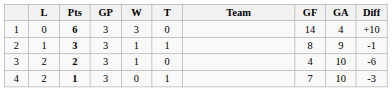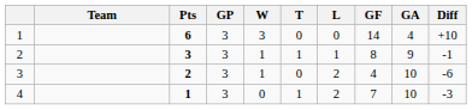 <table class="wikitable" style="text-align:center;">
 <tr>
 <th width=30></th>
-<th width=40>L</th>
+<th width=165>Team</th>
 <th width=40>Pts</th>
 <th width=40>GP</th>
 <th width=40>W</th>
 <th width=40>T</th>
-<th width=165>Team</th>
+<th width=40>L</th>
 <th width=40>GF</th>
 <th width=40>GA</th>
 <th width=40>Diff</th>
 </tr>
 <tr>
 <td>1</td>
-<td>0</td>
+<td style="text-align:left;"></td>
 <td><strong>6</strong></td>
 <td>3</td>
 <td>3</td>
 <td>0</td>
-<td style="text-align:left;"></td>
+<td>0</td>
 <td>14</td>
 <td>4</td>
 <td>+10</td>
 </tr>
 <tr>
 <td>2</td>
-<td>1</td>
+<td style="text-align:left;"></td>
 <td><strong>3</strong></td>
 <td>3</td>
 <td>1</td>
 <td>1</td>
-<td style="text-align:left;"></td>
+<td>1</td>
 <td>8</td>
 <td>9</td>
 <td>-1</td>
 </tr>
 <tr>
 <td>3</td>
-<td>2</td>
+<td style="text-align:left;"></td>
 <td><strong>2</strong></td>
 <td>3</td>
 <td>1</td>
 <td>0</td>
-<td style="text-align:left;"></td>
+<td>2</td>
 <td>4</td>
 <td>10</td>
 <td>-6</td>
 </tr>
 <tr>
 <td>4</td>
-<td>2</td>
+<td style="text-align:left;"></td>
 <td><strong>1</strong></td>
 <td>3</td>
 <td>0</td>
 <td>1</td>
-<td style="text-align:left;"></td>
+<td>2</td>
 <td>7</td>
 <td>10</td>
 <td>-3</td>
 </tr>
 </table>
